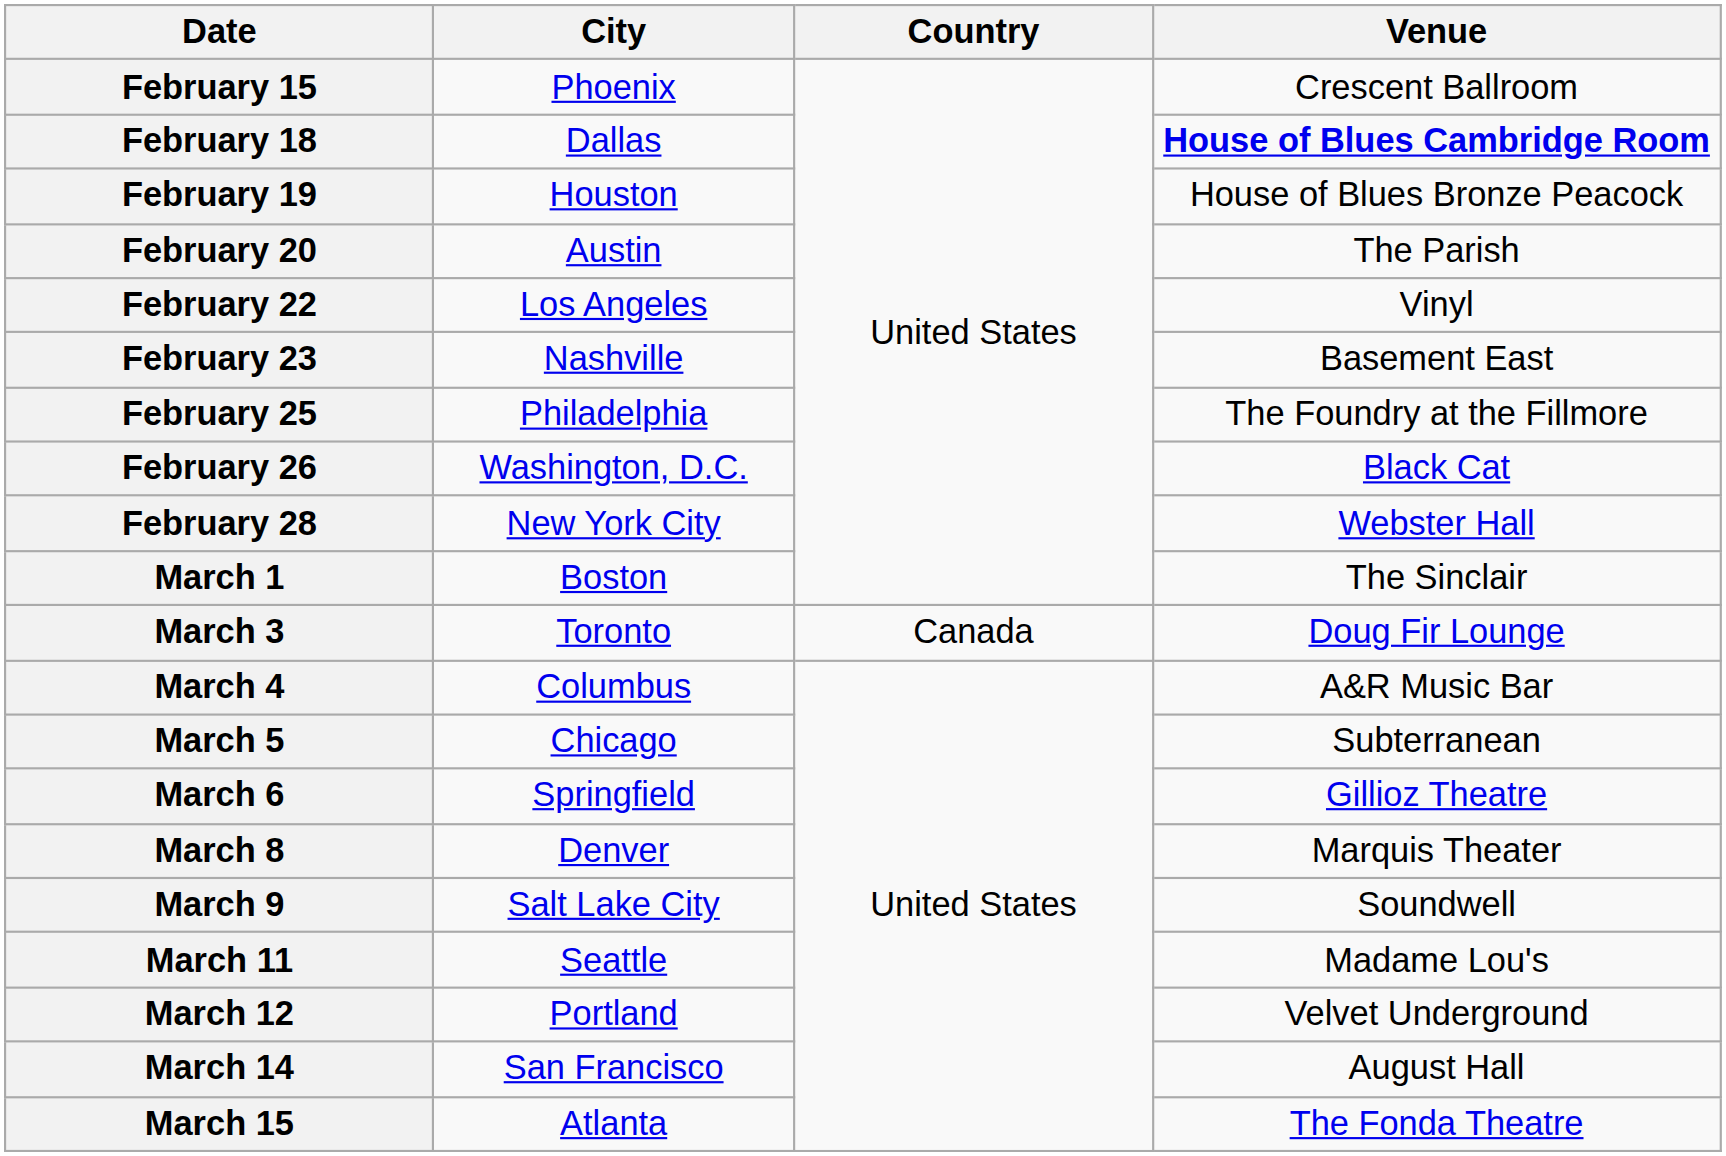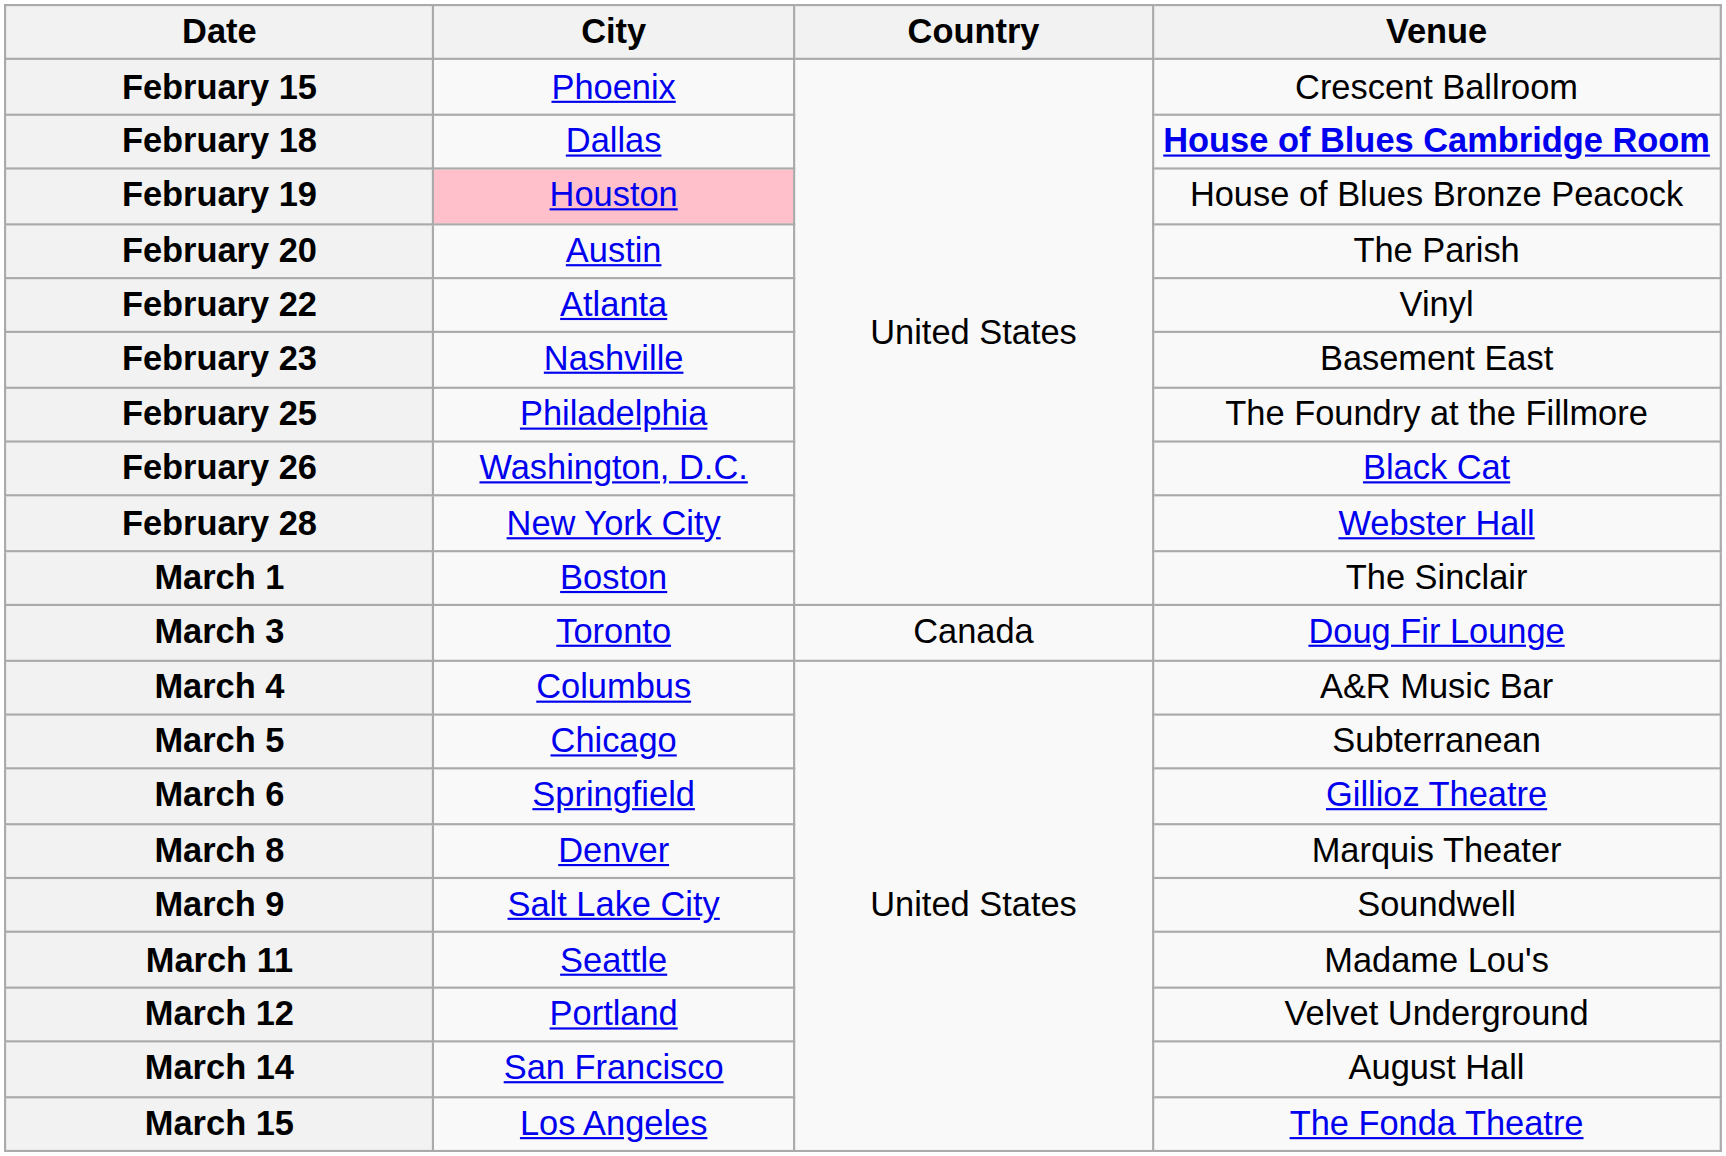 <table class="wikitable plainrowheaders" style="text-align:center;">
 <tr>
 <th scope="col" style="width:12em;">Date</th>
 <th scope="col" style="width:10em;">City</th>
 <th scope="col" style="width:10em;">Country</th>
 <th scope="col" style="width:16em;">Venue</th>
 </tr>
 <tr>
 <th scope="row" style="text-align:center;">February 15</th>
 <td><a href='#'>Phoenix</a></td>
 <td rowspan="10">United States</td>
 <td>Crescent Ballroom</td>
 </tr>
 <tr>
 <th scope="row" style="text-align:center;">February 18</th>
 <td><a href='#'>Dallas</a></td>
 <td><strong><a href='#'>House of Blues Cambridge Room</a></strong></td>
 </tr>
 <tr>
 <th scope="row" style="text-align:center;">February 19</th>
-<td><a href='#'>Houston</a></td>
+<td style="background: pink;"><a href='#'>Houston</a></td>
 <td>House of Blues Bronze Peacock</td>
 </tr>
 <tr>
 <th scope="row" style="text-align:center;">February 20</th>
 <td><a href='#'>Austin</a></td>
 <td>The Parish</td>
 </tr>
 <tr>
 <th scope="row" style="text-align:center;">February 22</th>
-<td><a href='#'>Los Angeles</a></td>
+<td><a href='#'>Atlanta</a></td>
 <td>Vinyl</td>
 </tr>
 <tr>
 <th scope="row" style="text-align:center;">February 23</th>
 <td><a href='#'>Nashville</a></td>
 <td>Basement East</td>
 </tr>
 <tr>
 <th scope="row" style="text-align:center;">February 25</th>
 <td><a href='#'>Philadelphia</a></td>
 <td>The Foundry at the Fillmore</td>
 </tr>
 <tr>
 <th scope="row" style="text-align:center;">February 26</th>
 <td><a href='#'>Washington, D.C.</a></td>
 <td><a href='#'>Black Cat</a></td>
 </tr>
 <tr>
 <th scope="row" style="text-align:center;">February 28</th>
 <td><a href='#'>New York City</a></td>
 <td><a href='#'>Webster Hall</a></td>
 </tr>
 <tr>
 <th scope="row" style="text-align:center;">March 1</th>
 <td><a href='#'>Boston</a></td>
 <td>The Sinclair</td>
 </tr>
 <tr>
 <th scope="row" style="text-align:center;">March 3</th>
 <td><a href='#'>Toronto</a></td>
 <td>Canada</td>
 <td><a href='#'>Doug Fir Lounge</a></td>
 </tr>
 <tr>
 <th scope="row" style="text-align:center;">March 4</th>
 <td><a href='#'>Columbus</a></td>
 <td rowspan="10">United States</td>
 <td>A&R Music Bar</td>
 </tr>
 <tr>
 <th scope="row" style="text-align:center;">March 5</th>
 <td><a href='#'>Chicago</a></td>
 <td>Subterranean</td>
 </tr>
 <tr>
 <th scope="row" style="text-align:center;">March 6</th>
 <td><a href='#'>Springfield</a></td>
 <td><a href='#'>Gillioz Theatre</a></td>
 </tr>
 <tr>
 <th scope="row" style="text-align:center;">March 8</th>
 <td><a href='#'>Denver</a></td>
 <td>Marquis Theater</td>
 </tr>
 <tr>
 <th scope="row" style="text-align:center;">March 9</th>
 <td><a href='#'>Salt Lake City</a></td>
 <td>Soundwell</td>
 </tr>
 <tr>
 <th scope="row" style="text-align:center;">March 11</th>
 <td><a href='#'>Seattle</a></td>
 <td>Madame Lou's</td>
 </tr>
 <tr>
 <th scope="row" style="text-align:center;">March 12</th>
 <td><a href='#'>Portland</a></td>
 <td>Velvet Underground</td>
 </tr>
 <tr>
 <th scope="row" style="text-align:center;">March 14</th>
 <td><a href='#'>San Francisco</a></td>
 <td>August Hall</td>
 </tr>
 <tr>
 <th scope="row" style="text-align:center;">March 15</th>
-<td><a href='#'>Atlanta</a></td>
+<td><a href='#'>Los Angeles</a></td>
 <td><a href='#'>The Fonda Theatre</a></td>
 </tr>
 <tr>
 </tr>
 </table>
